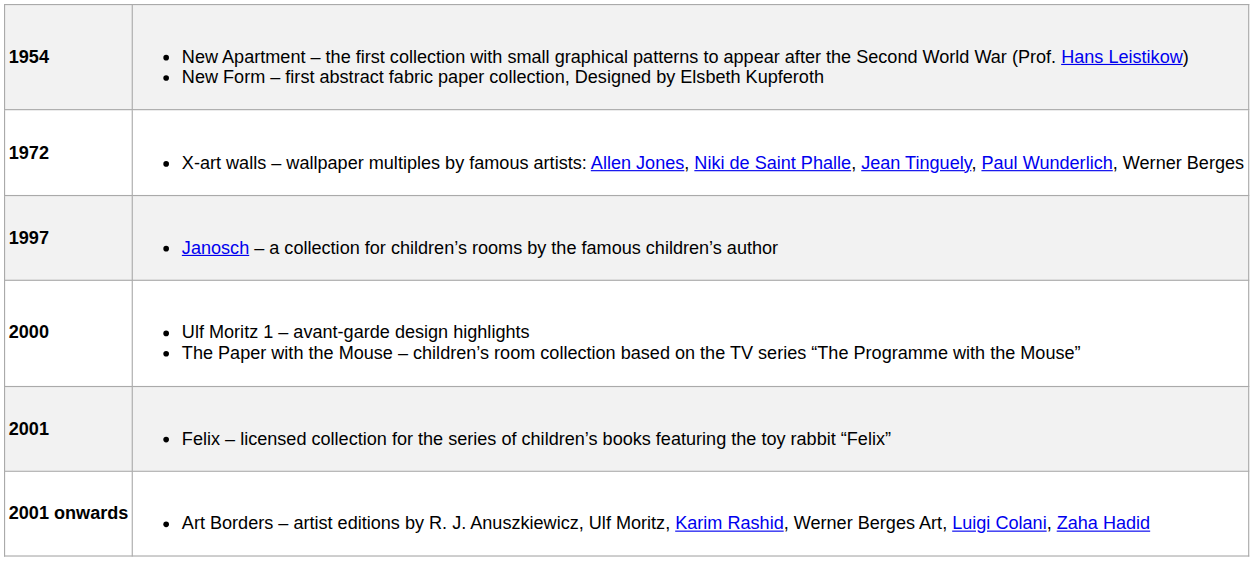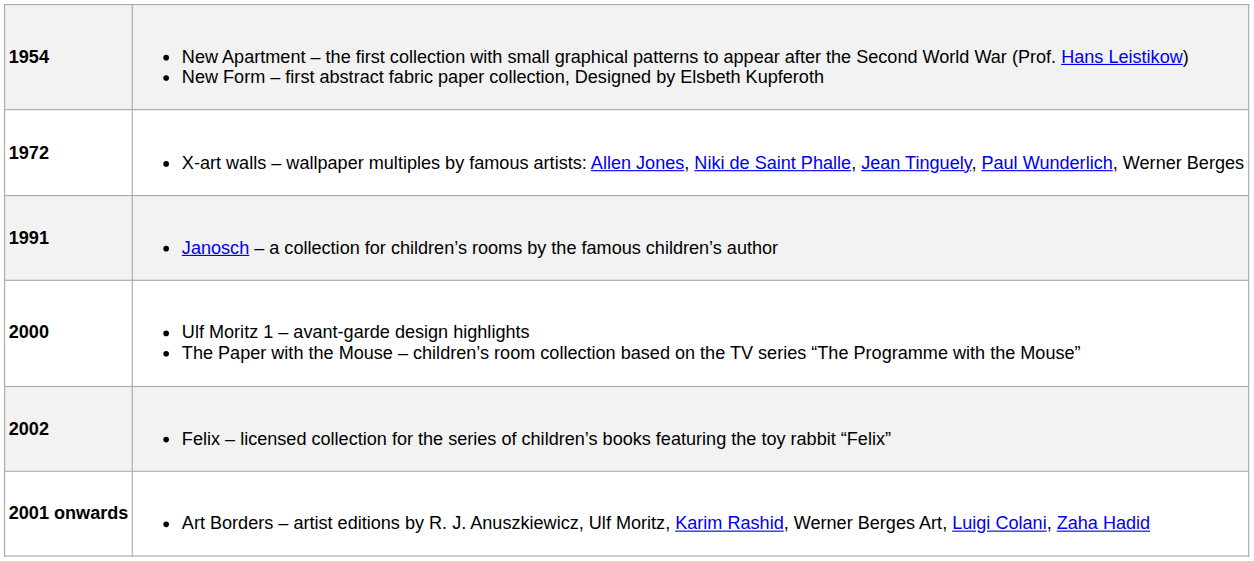 <table class="wikitable">
 <tr bgcolor="#F2F2F2">
 <td><strong>1954</strong></td>
 <td><br><ul><li>New Apartment – the first collection with small graphical patterns to appear after the Second World War (Prof. <a href='#'>Hans Leistikow</a>)</li><li>New Form – first abstract fabric paper collection, Designed by Elsbeth Kupferoth</li></ul></td>
 </tr>
 <tr bgcolor="#FFFFFF">
 <td><strong>1972</strong></td>
 <td><br><ul><li>X-art walls – wallpaper multiples by famous artists:  <a href='#'>Allen Jones</a>, <a href='#'>Niki de Saint Phalle</a>, <a href='#'>Jean Tinguely</a>, <a href='#'>Paul Wunderlich</a>, Werner Berges</li></ul></td>
 </tr>
 <tr bgcolor="#F2F2F2">
-<td><strong>1997</strong></td>
+<td><strong>1991</strong></td>
 <td><br><ul><li><a href='#'>Janosch</a> – a collection for children’s rooms by the famous children’s author</li></ul></td>
 </tr>
 <tr bgcolor="#FFFFFF">
 <td><strong>2000</strong></td>
 <td><br><ul><li>Ulf Moritz 1 – avant-garde design highlights</li><li>The Paper with the Mouse – children’s room collection based on the TV series “The Programme with the Mouse”</li></ul></td>
 </tr>
 <tr bgcolor="#F2F2F2">
-<td><strong>2001</strong></td>
+<td><strong>2002</strong></td>
 <td><br><ul><li>Felix – licensed collection for the series of children’s books featuring the toy rabbit “Felix”</li></ul></td>
 </tr>
 <tr bgcolor="#FFFFFF">
 <td><strong>2001 onwards</strong></td>
 <td><br><ul><li>Art Borders – artist editions by R. J. Anuszkiewicz, Ulf Moritz, <a href='#'>Karim Rashid</a>, Werner Berges Art, <a href='#'>Luigi Colani</a>, <a href='#'>Zaha Hadid</a></li></ul></td>
 </tr>
 </table>
